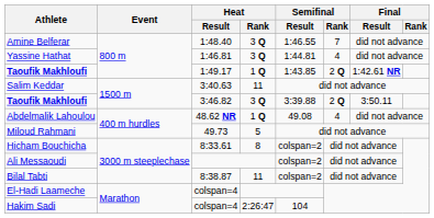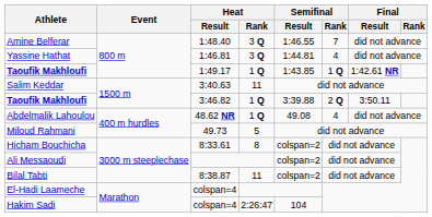 <table class="wikitable" style="font-size:90%">
 <tr>
 <th rowspan="2">Athlete</th>
 <th rowspan="2">Event</th>
 <th colspan="2">Heat</th>
 <th colspan="2">Semifinal</th>
 <th colspan="2">Final</th>
 </tr>
 <tr style="font-size:95%">
 <th>Result</th>
 <th>Rank</th>
 <th>Result</th>
 <th>Rank</th>
 <th>Result</th>
 <th>Rank</th>
 </tr>
 <tr align=center>
 <td align=left><a href='#'>Amine Belferar</a></td>
 <td align=left rowspan=3><a href='#'>800 m</a></td>
 <td>1:48.40</td>
 <td>3 <strong>Q</strong></td>
 <td>1:46.55</td>
 <td>7</td>
 <td colspan=2>did not advance</td>
 </tr>
 <tr align=center>
 <td align=left><a href='#'>Yassine Hathat</a></td>
 <td>1:46.81</td>
 <td>3 <strong>Q</strong></td>
 <td>1:44.81</td>
 <td>4</td>
 <td colspan=2>did not advance</td>
 </tr>
 <tr align=center>
 <td align=left><strong><a href='#'>Taoufik Makhloufi</a></strong></td>
 <td>1:49.17</td>
 <td>1 <strong>Q</strong></td>
 <td>1:43.85</td>
-<td>2 <strong>Q</strong></td>
+<td>1 <strong>Q</strong></td>
 <td>1:42.61 <strong><a href='#'>NR</a></strong></td>
 <td></td>
 </tr>
 <tr align=center>
 <td align=left><a href='#'>Salim Keddar</a></td>
 <td align=left rowspan=2><a href='#'>1500 m</a></td>
 <td>3:40.63</td>
 <td>11</td>
 <td colspan=4>did not advance</td>
 </tr>
 <tr align=center>
 <td align=left><strong><a href='#'>Taoufik Makhloufi</a></strong></td>
 <td>3:46.82</td>
-<td>3 <strong>Q</strong></td>
+<td>1 <strong>Q</strong></td>
 <td>3:39.88</td>
 <td>2 <strong>Q</strong></td>
 <td>3:50.11</td>
 <td></td>
 </tr>
 <tr align=center>
 <td align=left><a href='#'>Abdelmalik Lahoulou</a></td>
 <td align=left rowspan=2><a href='#'>400 m hurdles</a></td>
 <td>48.62 <strong><a href='#'>NR</a></strong></td>
 <td>1 <strong>Q</strong></td>
 <td>49.08</td>
 <td>4</td>
 <td colspan=2>did not advance</td>
 </tr>
 <tr align=center>
 <td align=left><a href='#'>Miloud Rahmani</a></td>
 <td>49.73</td>
 <td>5</td>
 <td colspan=4>did not advance</td>
 </tr>
 <tr align=center>
 <td align=left><a href='#'>Hicham Bouchicha</a></td>
 <td align=left rowspan=3><a href='#'>3000 m steeplechase</a></td>
 <td>8:33.61</td>
 <td>8</td>
 <td>colspan=2 </td>
 <td colspan=2>did not advance</td>
 </tr>
 <tr align=center>
 <td align=left><a href='#'>Ali Messaoudi</a></td>
 <td colspan=2></td>
 <td>colspan=2 </td>
 <td colspan=2>did not advance</td>
 </tr>
 <tr align=center>
 <td align=left><a href='#'>Bilal Tabti</a></td>
 <td>8:38.87</td>
 <td>11</td>
 <td>colspan=2 </td>
 <td colspan=2>did not advance</td>
 </tr>
 <tr align=center>
 <td align=left><a href='#'>El-Hadi Laameche</a></td>
 <td align=left rowspan=2><a href='#'>Marathon</a></td>
 <td>colspan=4 </td>
 <td colspan=2></td>
 </tr>
 <tr align=center>
 <td align=left><a href='#'>Hakim Sadi</a></td>
 <td>colspan=4 </td>
 <td>2:26:47</td>
 <td>104</td>
 </tr>
 </table>
